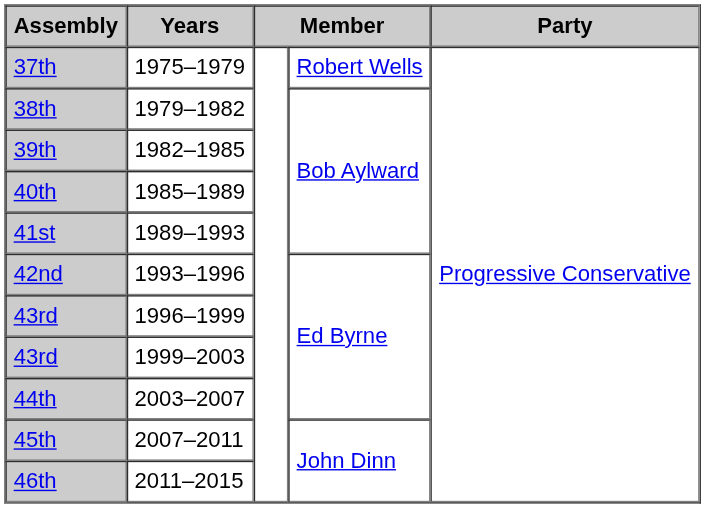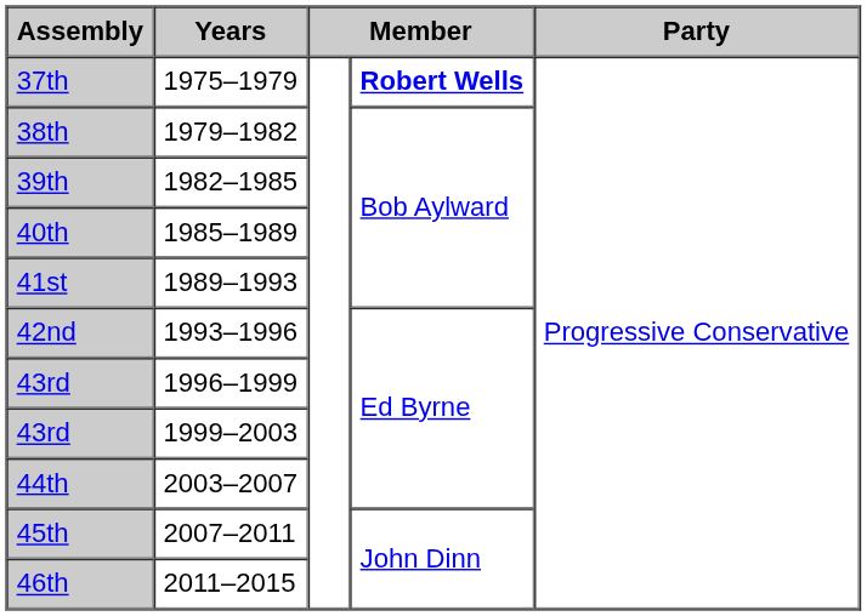 <table border=1 cellpadding=5 cellspacing=0>
 <tr bgcolor="CCCCCC">
 <th>Assembly</th>
 <th>Years</th>
 <th colspan="2">Member</th>
 <th>Party</th>
 </tr>
 <tr>
 <td bgcolor="CCCCCC"><a href='#'>37th</a></td>
 <td>1975–1979</td>
 <td rowspan=11 >   </td>
-<td rowspan=1><a href='#'>Robert Wells</a></td>
+<td rowspan=1><strong><a href='#'>Robert Wells</a></strong></td>
 <td rowspan=11><a href='#'>Progressive Conservative</a></td>
 </tr>
 <tr>
 <td bgcolor="CCCCCC"><a href='#'>38th</a></td>
 <td>1979–1982</td>
 <td rowspan=4><a href='#'>Bob Aylward</a></td>
 </tr>
 <tr>
 <td bgcolor="CCCCCC"><a href='#'>39th</a></td>
 <td>1982–1985</td>
 </tr>
 <tr>
 <td bgcolor="CCCCCC"><a href='#'>40th</a></td>
 <td>1985–1989</td>
 </tr>
 <tr>
 <td bgcolor="CCCCCC"><a href='#'>41st</a></td>
 <td>1989–1993</td>
 </tr>
 <tr>
 <td bgcolor="CCCCCC"><a href='#'>42nd</a></td>
 <td>1993–1996</td>
 <td rowspan=4><a href='#'>Ed Byrne</a></td>
 </tr>
 <tr>
 <td bgcolor="CCCCCC"><a href='#'>43rd</a></td>
 <td>1996–1999</td>
 </tr>
 <tr>
 <td bgcolor="CCCCCC"><a href='#'>43rd</a></td>
 <td>1999–2003</td>
 </tr>
 <tr>
 <td bgcolor="CCCCCC"><a href='#'>44th</a></td>
 <td>2003–2007</td>
 </tr>
 <tr>
 <td bgcolor="CCCCCC"><a href='#'>45th</a></td>
 <td>2007–2011</td>
 <td rowspan=2><a href='#'>John Dinn</a></td>
 </tr>
 <tr>
 <td bgcolor="CCCCCC"><a href='#'>46th</a></td>
 <td>2011–2015</td>
 </tr>
 <tr>
 </tr>
 </table>
